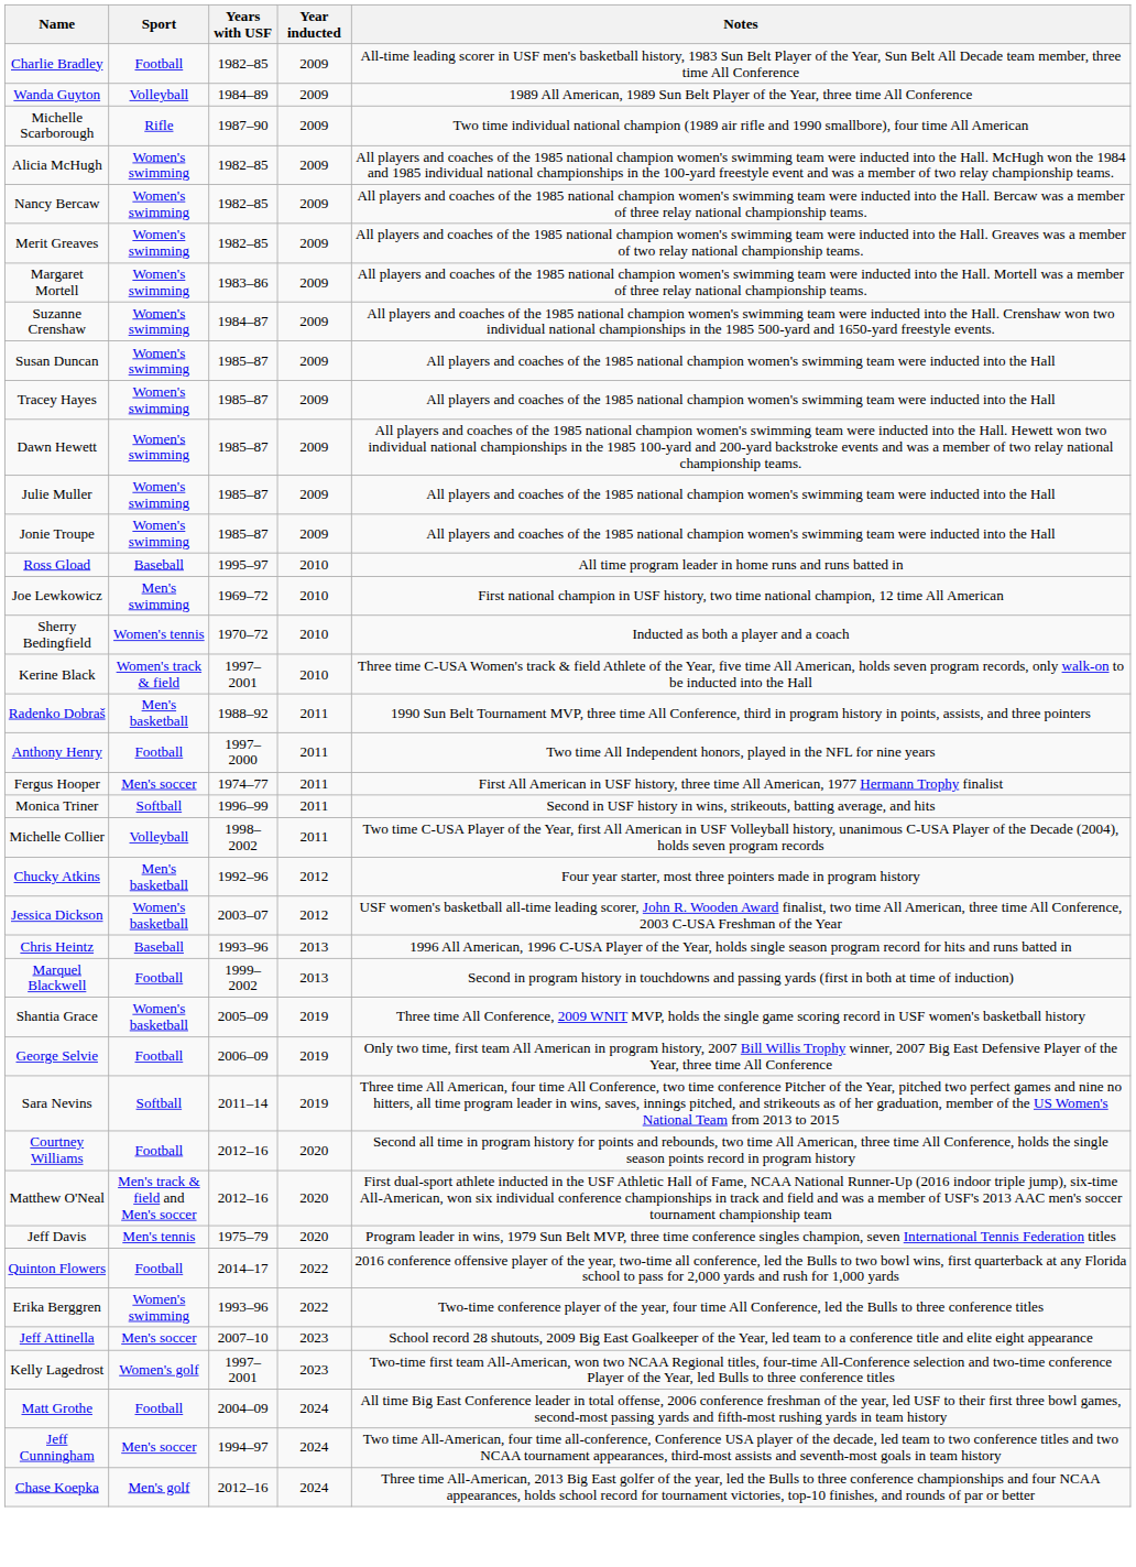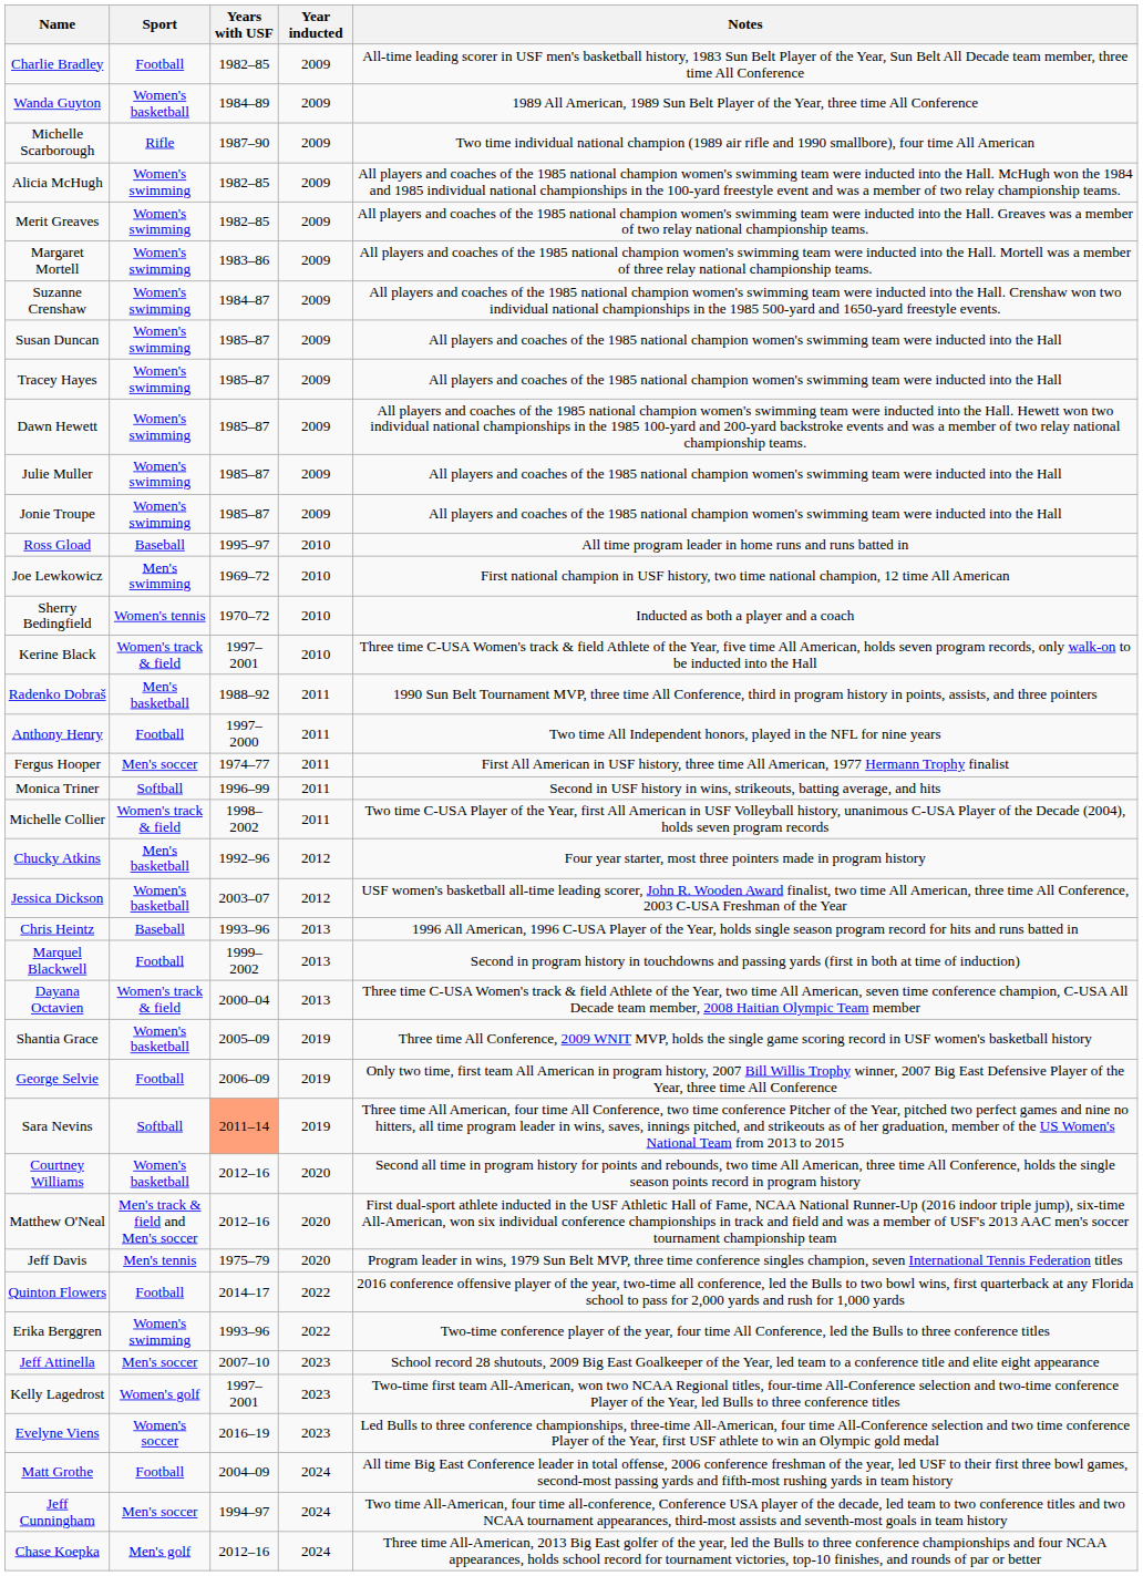 <table class="wikitable sortable" style="text-align:center;">
 <tr>
 <th style="text-align:center;">Name</th>
 <th style="text-align:center;">Sport</th>
 <th style="text-align:center;">Years with USF</th>
 <th style="text-align:center;">Year inducted</th>
 <th style="text-align:center;">Notes</th>
 </tr>
 <tr>
 <td><a href='#'>Charlie Bradley</a></td>
 <td><a href='#'>Football</a></td>
 <td>1982–85</td>
 <td>2009</td>
 <td>All-time leading scorer in USF men's basketball history, 1983 Sun Belt Player of the Year, Sun Belt All Decade team member, three time All Conference</td>
 </tr>
 <tr>
 <td><a href='#'>Wanda Guyton</a></td>
-<td><a href='#'>Volleyball</a></td>
+<td><a href='#'>Women's basketball</a></td>
 <td>1984–89</td>
 <td>2009</td>
 <td>1989 All American, 1989 Sun Belt Player of the Year, three time All Conference</td>
 </tr>
 <tr>
 <td>Michelle Scarborough</td>
 <td><a href='#'>Rifle</a></td>
 <td>1987–90</td>
 <td>2009</td>
 <td>Two time individual national champion (1989 air rifle and 1990 smallbore), four time All American</td>
 </tr>
 <tr>
 <td>Alicia McHugh</td>
 <td><a href='#'>Women's swimming</a></td>
 <td>1982–85</td>
 <td>2009</td>
 <td>All players and coaches of the 1985 national champion women's swimming team were inducted into the Hall. McHugh won the 1984 and 1985 individual national championships in the 100-yard freestyle event and was a member of two relay championship teams.</td>
-</tr>
-<tr>
-<td>Nancy Bercaw</td>
-<td><a href='#'>Women's swimming</a></td>
-<td>1982–85</td>
-<td>2009</td>
-<td>All players and coaches of the 1985 national champion women's swimming team were inducted into the Hall. Bercaw was a member of three relay national championship teams.</td>
 </tr>
 <tr>
 <td>Merit Greaves</td>
 <td><a href='#'>Women's swimming</a></td>
 <td>1982–85</td>
 <td>2009</td>
 <td>All players and coaches of the 1985 national champion women's swimming team were inducted into the Hall. Greaves was a member of two relay national championship teams.</td>
 </tr>
 <tr>
 <td>Margaret Mortell</td>
 <td><a href='#'>Women's swimming</a></td>
 <td>1983–86</td>
 <td>2009</td>
 <td>All players and coaches of the 1985 national champion women's swimming team were inducted into the Hall. Mortell was a member of three relay national championship teams.</td>
 </tr>
 <tr>
 <td>Suzanne Crenshaw</td>
 <td><a href='#'>Women's swimming</a></td>
 <td>1984–87</td>
 <td>2009</td>
 <td>All players and coaches of the 1985 national champion women's swimming team were inducted into the Hall. Crenshaw won two individual national championships in the 1985 500-yard and 1650-yard freestyle events.</td>
 </tr>
 <tr>
 <td>Susan Duncan</td>
 <td><a href='#'>Women's swimming</a></td>
 <td>1985–87</td>
 <td>2009</td>
 <td>All players and coaches of the 1985 national champion women's swimming team were inducted into the Hall</td>
 </tr>
 <tr>
 <td>Tracey Hayes</td>
 <td><a href='#'>Women's swimming</a></td>
 <td>1985–87</td>
 <td>2009</td>
 <td>All players and coaches of the 1985 national champion women's swimming team were inducted into the Hall</td>
 </tr>
 <tr>
 <td>Dawn Hewett</td>
 <td><a href='#'>Women's swimming</a></td>
 <td>1985–87</td>
 <td>2009</td>
 <td>All players and coaches of the 1985 national champion women's swimming team were inducted into the Hall. Hewett won two individual national championships in the 1985 100-yard and 200-yard backstroke events and was a member of two relay national championship teams.</td>
 </tr>
 <tr>
 <td>Julie Muller</td>
 <td><a href='#'>Women's swimming</a></td>
 <td>1985–87</td>
 <td>2009</td>
 <td>All players and coaches of the 1985 national champion women's swimming team were inducted into the Hall</td>
 </tr>
 <tr>
 <td>Jonie Troupe</td>
 <td><a href='#'>Women's swimming</a></td>
 <td>1985–87</td>
 <td>2009</td>
 <td>All players and coaches of the 1985 national champion women's swimming team were inducted into the Hall</td>
 </tr>
 <tr>
 <td><a href='#'>Ross Gload</a></td>
 <td><a href='#'>Baseball</a></td>
 <td>1995–97</td>
 <td>2010</td>
 <td>All time program leader in home runs and runs batted in</td>
 </tr>
 <tr>
 <td>Joe Lewkowicz</td>
 <td><a href='#'>Men's swimming</a></td>
 <td>1969–72</td>
 <td>2010</td>
 <td>First national champion in USF history, two time national champion, 12 time All American</td>
 </tr>
 <tr>
 <td>Sherry Bedingfield</td>
 <td><a href='#'>Women's tennis</a></td>
 <td>1970–72</td>
 <td>2010</td>
 <td>Inducted as both a player and a coach</td>
 </tr>
 <tr>
 <td>Kerine Black</td>
 <td><a href='#'>Women's track & field</a></td>
 <td>1997–2001</td>
 <td>2010</td>
 <td>Three time C-USA Women's track & field Athlete of the Year, five time All American, holds seven program records, only <a href='#'>walk-on</a> to be inducted into the Hall</td>
 </tr>
 <tr>
 <td><a href='#'>Radenko Dobraš</a></td>
 <td><a href='#'>Men's basketball</a></td>
 <td>1988–92</td>
 <td>2011</td>
 <td>1990 Sun Belt Tournament MVP, three time All Conference, third in program history in points, assists, and three pointers</td>
 </tr>
 <tr>
 <td><a href='#'>Anthony Henry</a></td>
 <td><a href='#'>Football</a></td>
 <td>1997–2000</td>
 <td>2011</td>
 <td>Two time All Independent honors, played in the NFL for nine years</td>
 </tr>
 <tr>
 <td>Fergus Hooper</td>
 <td><a href='#'>Men's soccer</a></td>
 <td>1974–77</td>
 <td>2011</td>
 <td>First All American in USF history, three time All American, 1977 <a href='#'>Hermann Trophy</a> finalist</td>
 </tr>
 <tr>
 <td>Monica Triner</td>
 <td><a href='#'>Softball</a></td>
 <td>1996–99</td>
 <td>2011</td>
 <td>Second in USF history in wins, strikeouts, batting average, and hits</td>
 </tr>
 <tr>
 <td>Michelle Collier</td>
-<td><a href='#'>Volleyball</a></td>
+<td><a href='#'>Women's track & field</a></td>
 <td>1998–2002</td>
 <td>2011</td>
 <td>Two time C-USA Player of the Year, first All American in USF Volleyball history, unanimous C-USA Player of the Decade (2004), holds seven program records</td>
 </tr>
 <tr>
 <td><a href='#'>Chucky Atkins</a></td>
 <td><a href='#'>Men's basketball</a></td>
 <td>1992–96</td>
 <td>2012</td>
 <td>Four year starter, most three pointers made in program history</td>
 </tr>
 <tr>
 <td><a href='#'>Jessica Dickson</a></td>
 <td><a href='#'>Women's basketball</a></td>
 <td>2003–07</td>
 <td>2012</td>
 <td>USF women's basketball all-time leading scorer, <a href='#'>John R. Wooden Award</a> finalist, two time All American, three time All Conference, 2003 C-USA Freshman of the Year</td>
 </tr>
 <tr>
 <td><a href='#'>Chris Heintz</a></td>
 <td><a href='#'>Baseball</a></td>
 <td>1993–96</td>
 <td>2013</td>
 <td>1996 All American, 1996 C-USA Player of the Year, holds single season program record for hits and runs batted in</td>
 </tr>
 <tr>
 <td><a href='#'>Marquel Blackwell</a></td>
 <td><a href='#'>Football</a></td>
 <td>1999–2002</td>
 <td>2013</td>
 <td>Second in program history in touchdowns and passing yards (first in both at time of induction)</td>
 </tr>
 <tr>
+<td><a href='#'>Dayana Octavien</a></td>
+<td><a href='#'>Women's track & field</a></td>
+<td>2000–04</td>
+<td>2013</td>
+<td>Three time C-USA Women's track & field Athlete of the Year, two time All American, seven time conference champion, C-USA All Decade team member, <a href='#'>2008 Haitian Olympic Team</a> member</td>
+</tr>
+<tr>
 <td>Shantia Grace</td>
 <td><a href='#'>Women's basketball</a></td>
 <td>2005–09</td>
 <td>2019</td>
 <td>Three time All Conference, <a href='#'>2009 WNIT</a> MVP, holds the single game scoring record in USF women's basketball history</td>
 </tr>
 <tr>
 <td><a href='#'>George Selvie</a></td>
 <td><a href='#'>Football</a></td>
 <td>2006–09</td>
 <td>2019</td>
 <td>Only two time, first team All American in program history, 2007 <a href='#'>Bill Willis Trophy</a> winner, 2007 Big East Defensive Player of the Year, three time All Conference</td>
 </tr>
 <tr>
 <td>Sara Nevins</td>
 <td><a href='#'>Softball</a></td>
-<td>2011–14</td>
+<td style="background: lightsalmon;">2011–14</td>
 <td>2019</td>
 <td>Three time All American, four time All Conference, two time conference Pitcher of the Year, pitched two perfect games and nine no hitters, all time program leader in wins, saves, innings pitched, and strikeouts as of her graduation, member of the <a href='#'>US Women's National Team</a> from 2013 to 2015</td>
 </tr>
 <tr>
 <td><a href='#'>Courtney Williams</a></td>
-<td><a href='#'>Football</a></td>
+<td><a href='#'>Women's basketball</a></td>
 <td>2012–16</td>
 <td>2020</td>
 <td>Second all time in program history for points and rebounds, two time All American, three time All Conference, holds the single season points record in program history</td>
 </tr>
 <tr>
 <td>Matthew O'Neal</td>
 <td><a href='#'>Men's track & field</a> and<br><a href='#'>Men's soccer</a></td>
 <td>2012–16</td>
 <td>2020</td>
 <td>First dual-sport athlete inducted in the USF Athletic Hall of Fame, NCAA National Runner-Up (2016 indoor triple jump), six-time All-American, won six individual conference championships in track and field and was a member of USF's 2013 AAC men's soccer tournament championship team</td>
 </tr>
 <tr>
 <td>Jeff Davis</td>
 <td><a href='#'>Men's tennis</a></td>
 <td>1975–79</td>
 <td>2020</td>
 <td>Program leader in wins, 1979 Sun Belt MVP, three time conference singles champion, seven <a href='#'>International Tennis Federation</a> titles</td>
 </tr>
 <tr>
 <td><a href='#'>Quinton Flowers</a></td>
 <td><a href='#'>Football</a></td>
 <td>2014–17</td>
 <td>2022</td>
 <td>2016 conference offensive player of the year, two-time all conference, led the Bulls to two bowl wins, first quarterback at any Florida school to pass for 2,000 yards and rush for 1,000 yards</td>
 </tr>
 <tr>
 <td>Erika Berggren</td>
 <td><a href='#'>Women's swimming</a></td>
 <td>1993–96</td>
 <td>2022</td>
 <td>Two-time conference player of the year, four time All Conference, led the Bulls to three conference titles</td>
 </tr>
 <tr>
 <td><a href='#'>Jeff Attinella</a></td>
 <td><a href='#'>Men's soccer</a></td>
 <td>2007–10</td>
 <td>2023</td>
 <td>School record 28 shutouts, 2009 Big East Goalkeeper of the Year, led team to a conference title and elite eight appearance</td>
 </tr>
 <tr>
 <td>Kelly Lagedrost</td>
 <td><a href='#'>Women's golf</a></td>
 <td>1997–2001</td>
 <td>2023</td>
 <td>Two-time first team All-American, won two NCAA Regional titles, four-time All-Conference selection and two-time conference Player of the Year, led Bulls to three conference titles</td>
 </tr>
 <tr>
+<td><a href='#'>Evelyne Viens</a></td>
+<td><a href='#'>Women's soccer</a></td>
+<td>2016–19</td>
+<td>2023</td>
+<td>Led Bulls to three conference championships, three-time All-American, four time All-Conference selection and two time conference Player of the Year, first USF athlete to win an Olympic gold medal</td>
+</tr>
+<tr>
 <td><a href='#'>Matt Grothe</a></td>
 <td><a href='#'>Football</a></td>
 <td>2004–09</td>
 <td>2024</td>
 <td>All time Big East Conference leader in total offense, 2006 conference freshman of the year, led USF to their first three bowl games, second-most passing yards and fifth-most rushing yards in team history</td>
 </tr>
 <tr>
 <td><a href='#'>Jeff Cunningham</a></td>
 <td><a href='#'>Men's soccer</a></td>
 <td>1994–97</td>
 <td>2024</td>
 <td>Two time All-American, four time all-conference, Conference USA player of the decade, led team to two conference titles and two NCAA tournament appearances, third-most assists and seventh-most goals in team history</td>
 </tr>
 <tr>
 <td><a href='#'>Chase Koepka</a></td>
 <td><a href='#'>Men's golf</a></td>
 <td>2012–16</td>
 <td>2024</td>
 <td>Three time All-American, 2013 Big East golfer of the year, led the Bulls to three conference championships and four NCAA appearances, holds school record for tournament victories, top-10 finishes, and rounds of par or better</td>
 </tr>
 </table>
